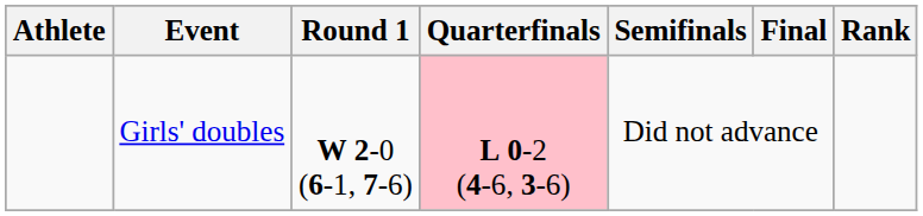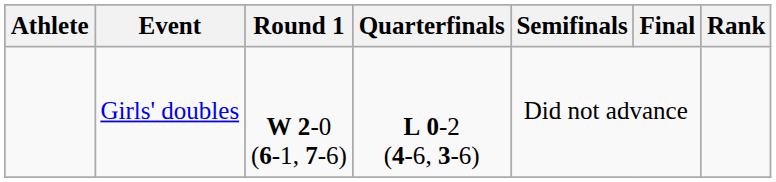 <table class=wikitable style="font-size:90%">
 <tr>
 <th>Athlete</th>
 <th>Event</th>
 <th>Round 1</th>
 <th>Quarterfinals</th>
 <th>Semifinals</th>
 <th>Final</th>
 <th>Rank</th>
 </tr>
 <tr>
 <td> <br></td>
 <td><a href='#'>Girls' doubles</a></td>
 <td align=center><br><br><strong>W</strong> <strong>2</strong>-0<br> (<strong>6</strong>-1, <strong>7</strong>-6)</td>
-<td align=center style="background: pink;"><br><br><strong>L</strong> <strong>0</strong>-2<br> (<strong>4</strong>-6, <strong>3</strong>-6)</td>
+<td align=center><br><br><strong>L</strong> <strong>0</strong>-2<br> (<strong>4</strong>-6, <strong>3</strong>-6)</td>
 <td colspan=2 align=center>Did not advance</td>
 <td align=center></td>
 </tr>
 </table>
